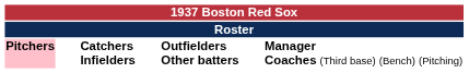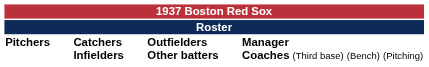 <table class="toccolours" style="text-align: left;">
 <tr>
 <th colspan="10" style="background-color: #ba313c; color: white; text-align: center;">1937 Boston Red Sox</th>
 </tr>
 <tr>
 <td colspan="10" style="background-color: #0d2b56; color: white; text-align: center;"><strong>Roster</strong></td>
 </tr>
 <tr>
-<td valign="top" style="background: pink;"><strong>Pitchers</strong><br>            </td>
+<td valign="top"><strong>Pitchers</strong><br>            </td>
 <td width="25px"></td>
 <td valign="top"><strong>Catchers</strong><br>    <strong>Infielders</strong>      </td>
 <td width="25px"></td>
 <td valign="top"><strong>Outfielders</strong><br>      <strong>Other batters</strong>  </td>
 <td width="25px"></td>
 <td valign="top"><strong>Manager</strong><br> <strong>Coaches</strong>  <small>(Third base)</small>  <small>(Bench)</small>  <small>(Pitching)</small></td>
 </tr>
 <tr>
 </tr>
 </table>
